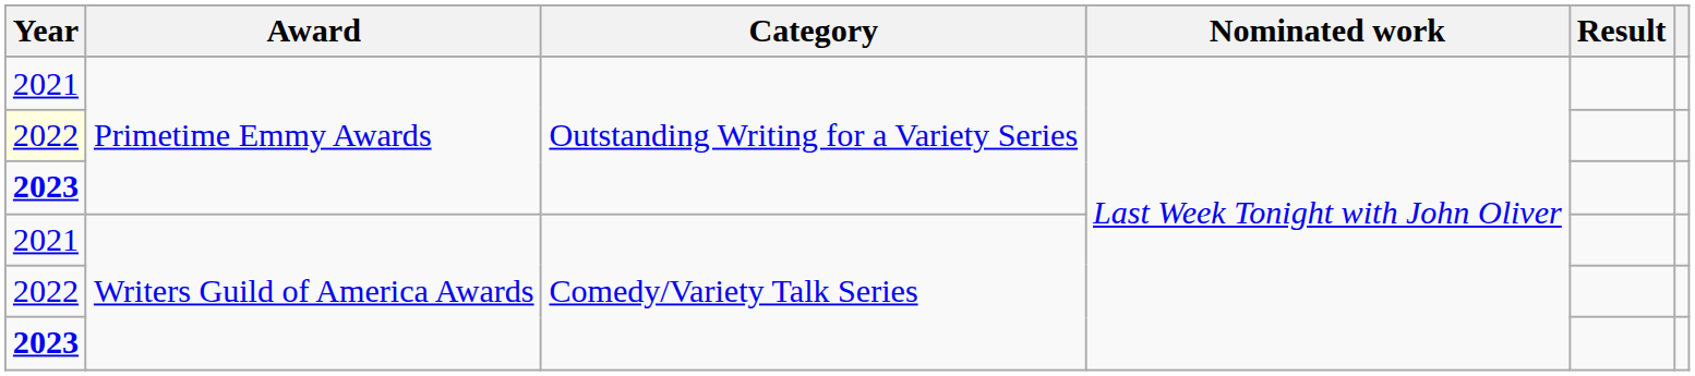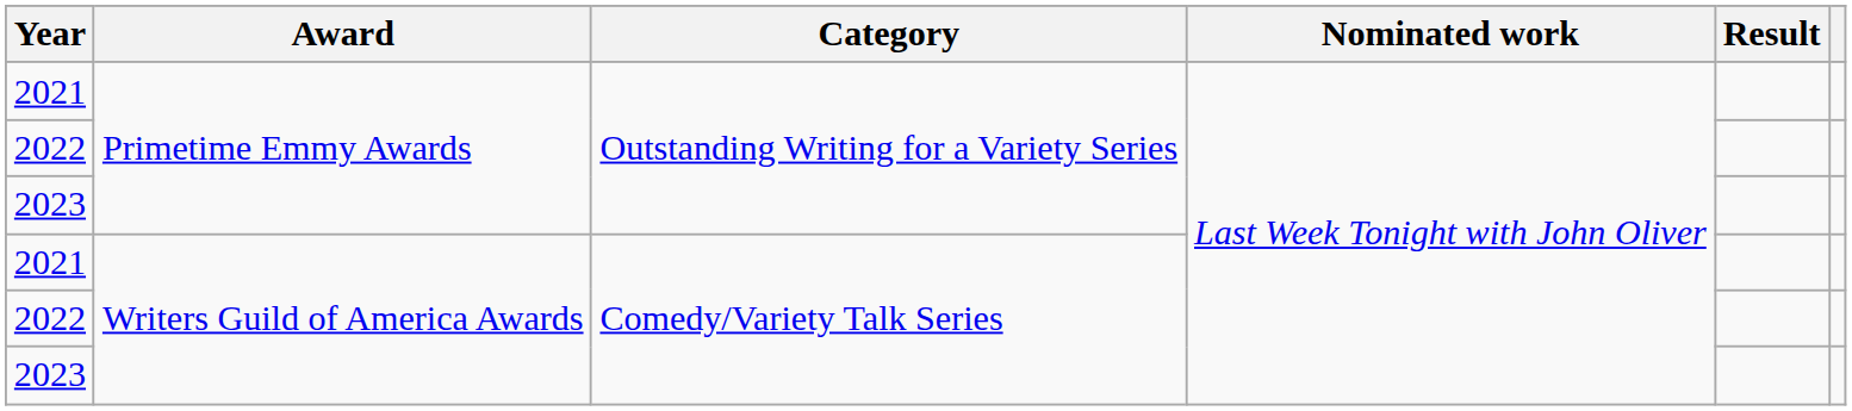 <table class="wikitable sortable">
 <tr>
 <th>Year</th>
 <th>Award</th>
 <th>Category</th>
 <th>Nominated work</th>
 <th>Result</th>
 <th></th>
 </tr>
 <tr>
 <td align="center"><a href='#'>2021</a></td>
 <td rowspan="3"><a href='#'>Primetime Emmy Awards</a></td>
 <td rowspan="3"><a href='#'>Outstanding Writing for a Variety Series</a></td>
 <td rowspan="6"><em><a href='#'>Last Week Tonight with John Oliver</a></em></td>
 <td></td>
 <td align="center"></td>
 </tr>
 <tr>
-<td align="center" style="background: lightyellow;"><a href='#'>2022</a></td>
+<td align="center"><a href='#'>2022</a></td>
 <td></td>
 <td align="center"></td>
 </tr>
 <tr>
-<td align="center"><strong><a href='#'>2023</a></strong></td>
+<td align="center"><a href='#'>2023</a></td>
 <td></td>
 <td></td>
 </tr>
 <tr>
 <td align="center"><a href='#'>2021</a></td>
 <td rowspan="3"><a href='#'>Writers Guild of America Awards</a></td>
 <td rowspan="3"><a href='#'>Comedy/Variety Talk Series</a></td>
 <td></td>
 <td align="center"></td>
 </tr>
 <tr>
 <td align="center"><a href='#'>2022</a></td>
 <td></td>
 <td align="center"></td>
 </tr>
 <tr>
-<td align="center"><strong><a href='#'>2023</a></strong></td>
+<td align="center"><a href='#'>2023</a></td>
 <td></td>
 <td></td>
 </tr>
 </table>
